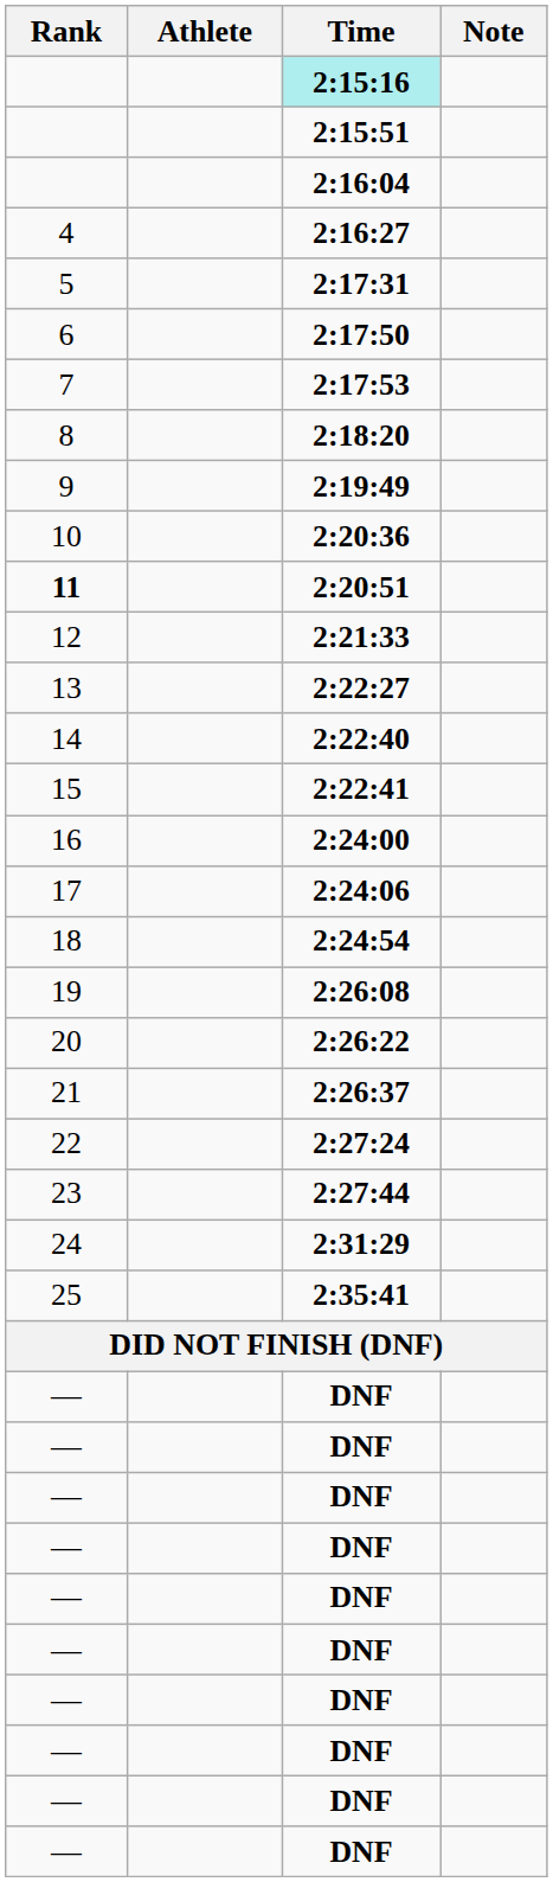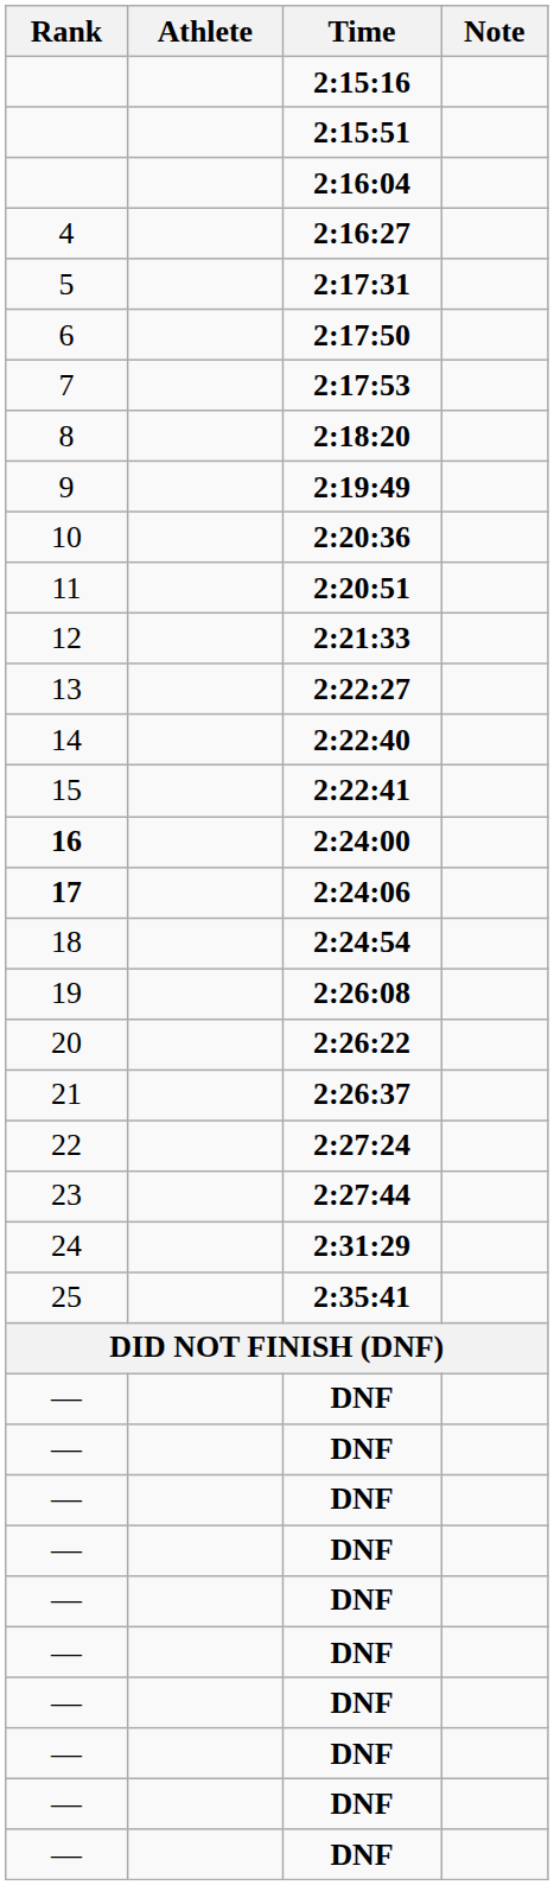 <table class="wikitable" style=" text-align:center; font-size:110%;" width="50%">
 <tr>
 <th>Rank</th>
 <th>Athlete</th>
 <th>Time</th>
 <th>Note</th>
 </tr>
 <tr>
 <td></td>
 <td align=left></td>
-<td style="background: paleturquoise;"><strong>2:15:16</strong></td>
+<td><strong>2:15:16</strong></td>
 <td></td>
 </tr>
 <tr>
 <td></td>
 <td align=left></td>
 <td><strong>2:15:51</strong></td>
 <td></td>
 </tr>
 <tr>
 <td></td>
 <td align=left></td>
 <td><strong>2:16:04</strong></td>
 <td></td>
 </tr>
 <tr>
 <td>4</td>
 <td align=left></td>
 <td><strong>2:16:27</strong></td>
 <td></td>
 </tr>
 <tr>
 <td>5</td>
 <td align=left></td>
 <td><strong>2:17:31</strong></td>
 <td></td>
 </tr>
 <tr>
 <td>6</td>
 <td align=left></td>
 <td><strong>2:17:50</strong></td>
 <td></td>
 </tr>
 <tr>
 <td>7</td>
 <td align=left></td>
 <td><strong>2:17:53</strong></td>
 <td></td>
 </tr>
 <tr>
 <td>8</td>
 <td align=left></td>
 <td><strong>2:18:20</strong></td>
 <td></td>
 </tr>
 <tr>
 <td>9</td>
 <td align=left></td>
 <td><strong>2:19:49</strong></td>
 <td></td>
 </tr>
 <tr>
 <td>10</td>
 <td align=left></td>
 <td><strong>2:20:36</strong></td>
 <td></td>
 </tr>
 <tr>
-<td><strong>11</strong></td>
+<td>11</td>
 <td align=left></td>
 <td><strong>2:20:51</strong></td>
 <td></td>
 </tr>
 <tr>
 <td>12</td>
 <td align=left></td>
 <td><strong>2:21:33</strong></td>
 <td></td>
 </tr>
 <tr>
 <td>13</td>
 <td align=left></td>
 <td><strong>2:22:27</strong></td>
 <td></td>
 </tr>
 <tr>
 <td>14</td>
 <td align=left></td>
 <td><strong>2:22:40</strong></td>
 <td></td>
 </tr>
 <tr>
 <td>15</td>
 <td align=left></td>
 <td><strong>2:22:41</strong></td>
 <td></td>
 </tr>
 <tr>
-<td>16</td>
+<td><strong>16</strong></td>
 <td align=left></td>
 <td><strong>2:24:00</strong></td>
 <td></td>
 </tr>
 <tr>
-<td>17</td>
+<td><strong>17</strong></td>
 <td align=left></td>
 <td><strong>2:24:06</strong></td>
 <td></td>
 </tr>
 <tr>
 <td>18</td>
 <td align=left></td>
 <td><strong>2:24:54</strong></td>
 <td></td>
 </tr>
 <tr>
 <td>19</td>
 <td align=left></td>
 <td><strong>2:26:08</strong></td>
 <td></td>
 </tr>
 <tr>
 <td>20</td>
 <td align=left></td>
 <td><strong>2:26:22</strong></td>
 <td></td>
 </tr>
 <tr>
 <td>21</td>
 <td align=left></td>
 <td><strong>2:26:37</strong></td>
 <td></td>
 </tr>
 <tr>
 <td>22</td>
 <td align=left></td>
 <td><strong>2:27:24</strong></td>
 <td></td>
 </tr>
 <tr>
 <td>23</td>
 <td align=left></td>
 <td><strong>2:27:44</strong></td>
 <td></td>
 </tr>
 <tr>
 <td>24</td>
 <td align=left></td>
 <td><strong>2:31:29</strong></td>
 <td></td>
 </tr>
 <tr>
 <td>25</td>
 <td align=left></td>
 <td><strong>2:35:41</strong></td>
 <td></td>
 </tr>
 <tr>
 <th colspan="4">DID NOT FINISH (DNF)</th>
 </tr>
 <tr>
 <td>—</td>
 <td align=left></td>
 <td><strong>DNF</strong></td>
 <td></td>
 </tr>
 <tr>
 <td>—</td>
 <td align=left></td>
 <td><strong>DNF</strong></td>
 <td></td>
 </tr>
 <tr>
 <td>—</td>
 <td align=left></td>
 <td><strong>DNF</strong></td>
 <td></td>
 </tr>
 <tr>
 <td>—</td>
 <td align=left></td>
 <td><strong>DNF</strong></td>
 <td></td>
 </tr>
 <tr>
 <td>—</td>
 <td align=left></td>
 <td><strong>DNF</strong></td>
 <td></td>
 </tr>
 <tr>
 <td>—</td>
 <td align=left></td>
 <td><strong>DNF</strong></td>
 <td></td>
 </tr>
 <tr>
 <td>—</td>
 <td align=left></td>
 <td><strong>DNF</strong></td>
 <td></td>
 </tr>
 <tr>
 <td>—</td>
 <td align=left></td>
 <td><strong>DNF</strong></td>
 <td></td>
 </tr>
 <tr>
 <td>—</td>
 <td align=left></td>
 <td><strong>DNF</strong></td>
 <td></td>
 </tr>
 <tr>
 <td>—</td>
 <td align=left></td>
 <td><strong>DNF</strong></td>
 <td></td>
 </tr>
 </table>
